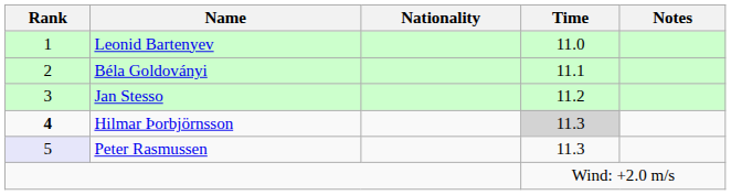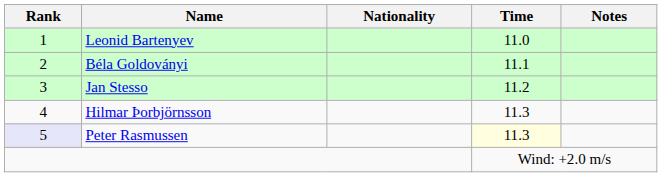 <table class="wikitable sortable" style="text-align:center;width: 55%">
 <tr>
 <th>Rank</th>
 <th>Name</th>
 <th>Nationality</th>
 <th>Time</th>
 <th>Notes</th>
 </tr>
 <tr bgcolor=ccffcc>
 <td>1</td>
 <td align=left><a href='#'>Leonid Bartenyev</a></td>
 <td align=left></td>
 <td>11.0</td>
 <td></td>
 </tr>
 <tr bgcolor=ccffcc>
 <td>2</td>
 <td align=left><a href='#'>Béla Goldoványi</a></td>
 <td align=left></td>
 <td>11.1</td>
 <td></td>
 </tr>
 <tr bgcolor=ccffcc>
 <td>3</td>
 <td align=left><a href='#'>Jan Stesso</a></td>
 <td align=left></td>
 <td>11.2</td>
 <td></td>
 </tr>
 <tr>
-<td><strong>4</strong></td>
+<td>4</td>
 <td align=left><a href='#'>Hilmar Þorbjörnsson</a></td>
 <td align=left></td>
-<td style="background: lightgrey;">11.3</td>
+<td>11.3</td>
 <td></td>
 </tr>
 <tr>
 <td style="background: lavender;">5</td>
 <td align=left><a href='#'>Peter Rasmussen</a></td>
 <td align=left></td>
-<td>11.3</td>
+<td style="background: lightyellow;">11.3</td>
 <td></td>
 </tr>
 <tr>
 <td colspan="3"></td>
 <td colspan="2">Wind: +2.0 m/s</td>
 </tr>
 </table>
